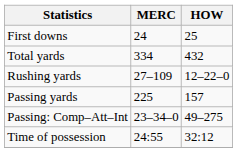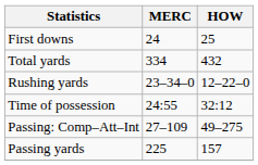 <table class="wikitable" style="float: left;">
 <tr>
 <th>Statistics</th>
 <th>MERC</th>
 <th>HOW</th>
 </tr>
 <tr>
 <td>First downs</td>
 <td>24</td>
 <td>25</td>
 </tr>
 <tr>
 <td>Total yards</td>
 <td>334</td>
 <td>432</td>
 </tr>
 <tr>
 <td>Rushing yards</td>
+<td>23–34–0</td>
+<td>12–22–0</td>
+</tr>
+<tr>
+<td>Time of possession</td>
+<td>24:55</td>
+<td>32:12</td>
+</tr>
+<tr>
+<td>Passing: Comp–Att–Int</td>
 <td>27–109</td>
-<td>12–22–0</td>
+<td>49–275</td>
 </tr>
 <tr>
 <td>Passing yards</td>
 <td>225</td>
 <td>157</td>
 </tr>
 <tr>
-<td>Passing: Comp–Att–Int</td>
-<td>23–34–0</td>
-<td>49–275</td>
-</tr>
-<tr>
-<td>Time of possession</td>
-<td>24:55</td>
-<td>32:12</td>
-</tr>
-<tr>
 </tr>
 </table>
